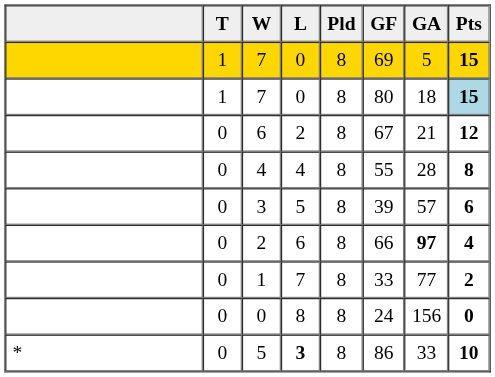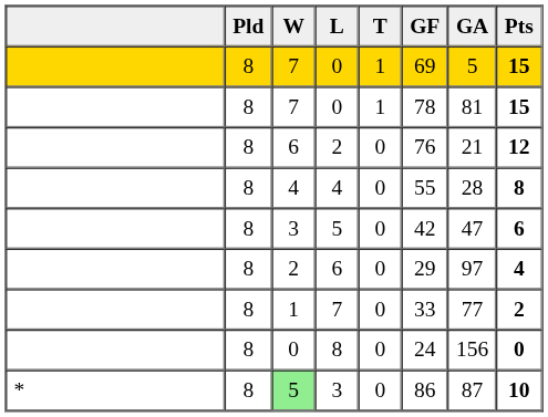 <table border=1 cellpadding=5 cellspacing=0>
 <tr>
 <th bgcolor="#efefef" width="150"></th>
-<th bgcolor="#efefef" width="20">T</th>
+<th bgcolor="#efefef" width="20">Pld</th>
 <th bgcolor="#efefef" width="20">W</th>
 <th bgcolor="#efefef" width="20">L</th>
-<th bgcolor="#efefef" width="20">Pld</th>
+<th bgcolor="#efefef" width="20">T</th>
 <th bgcolor="#efefef" width="20">GF</th>
 <th bgcolor="#efefef" width="20">GA</th>
 <th bgcolor="#efefef" width="20">Pts</th>
 </tr>
 <tr align=center bgcolor="gold">
 <td align=left> </td>
-<td>1</td>
+<td>8</td>
 <td>7</td>
 <td>0</td>
-<td>8</td>
+<td>1</td>
 <td>69</td>
 <td>5</td>
 <td><strong>15</strong></td>
 </tr>
 <tr align=center>
 <td align=left></td>
-<td>1</td>
+<td>8</td>
 <td>7</td>
 <td>0</td>
-<td>8</td>
-<td>80</td>
-<td>18</td>
-<td style="background: lightblue;"><strong>15</strong></td>
+<td>1</td>
+<td>78</td>
+<td>81</td>
+<td><strong>15</strong></td>
 </tr>
 <tr align=center>
 <td align=left></td>
-<td>0</td>
+<td>8</td>
 <td>6</td>
 <td>2</td>
-<td>8</td>
-<td>67</td>
+<td>0</td>
+<td>76</td>
 <td>21</td>
 <td><strong>12</strong></td>
 </tr>
 <tr align=center>
 <td align=left></td>
-<td>0</td>
+<td>8</td>
 <td>4</td>
 <td>4</td>
-<td>8</td>
+<td>0</td>
 <td>55</td>
 <td>28</td>
 <td><strong>8</strong></td>
 </tr>
 <tr align=center>
 <td align=left></td>
-<td>0</td>
+<td>8</td>
 <td>3</td>
 <td>5</td>
-<td>8</td>
-<td>39</td>
-<td>57</td>
+<td>0</td>
+<td>42</td>
+<td>47</td>
 <td><strong>6</strong></td>
 </tr>
 <tr align=center>
 <td align=left></td>
-<td>0</td>
+<td>8</td>
 <td>2</td>
 <td>6</td>
-<td>8</td>
-<td>66</td>
-<td><strong>97</strong></td>
+<td>0</td>
+<td>29</td>
+<td>97</td>
 <td><strong>4</strong></td>
 </tr>
 <tr align=center>
 <td align=left></td>
-<td>0</td>
+<td>8</td>
 <td>1</td>
 <td>7</td>
-<td>8</td>
+<td>0</td>
 <td>33</td>
 <td>77</td>
 <td><strong>2</strong></td>
 </tr>
 <tr align=center>
 <td align=left></td>
-<td>0</td>
+<td>8</td>
 <td>0</td>
 <td>8</td>
-<td>8</td>
+<td>0</td>
 <td>24</td>
 <td>156</td>
 <td><strong>0</strong></td>
 </tr>
 <tr align=center>
 <td align=left> *</td>
+<td>8</td>
+<td style="background: lightgreen;">5</td>
+<td>3</td>
 <td>0</td>
-<td>5</td>
-<td><strong>3</strong></td>
-<td>8</td>
 <td>86</td>
-<td>33</td>
+<td>87</td>
 <td><strong>10</strong></td>
 </tr>
 </table>
